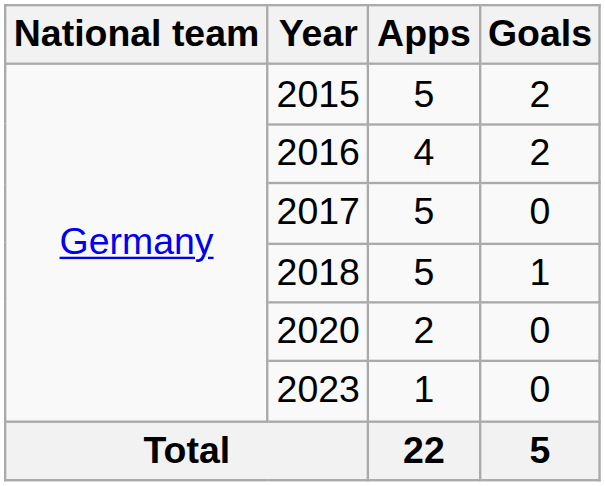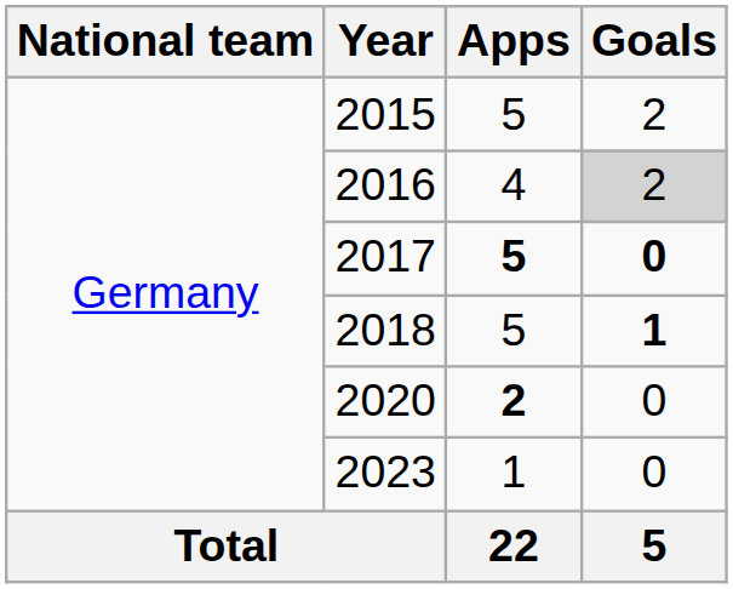 <table class="wikitable" style="text-align:center">
 <tr>
 <th>National team</th>
 <th>Year</th>
 <th>Apps</th>
 <th>Goals</th>
 </tr>
 <tr>
 <td rowspan="6"><a href='#'>Germany</a></td>
 <td>2015</td>
 <td>5</td>
 <td>2</td>
 </tr>
 <tr>
 <td>2016</td>
 <td>4</td>
-<td>2</td>
+<td style="background: lightgrey;">2</td>
 </tr>
 <tr>
 <td>2017</td>
-<td>5</td>
-<td>0</td>
+<td><strong>5</strong></td>
+<td><strong>0</strong></td>
 </tr>
 <tr>
 <td>2018</td>
 <td>5</td>
-<td>1</td>
+<td><strong>1</strong></td>
 </tr>
 <tr>
 <td>2020</td>
-<td>2</td>
+<td><strong>2</strong></td>
 <td>0</td>
 </tr>
 <tr>
 <td>2023</td>
 <td>1</td>
 <td>0</td>
 </tr>
 <tr>
 <th colspan="2">Total</th>
 <th>22</th>
 <th>5</th>
 </tr>
 </table>
